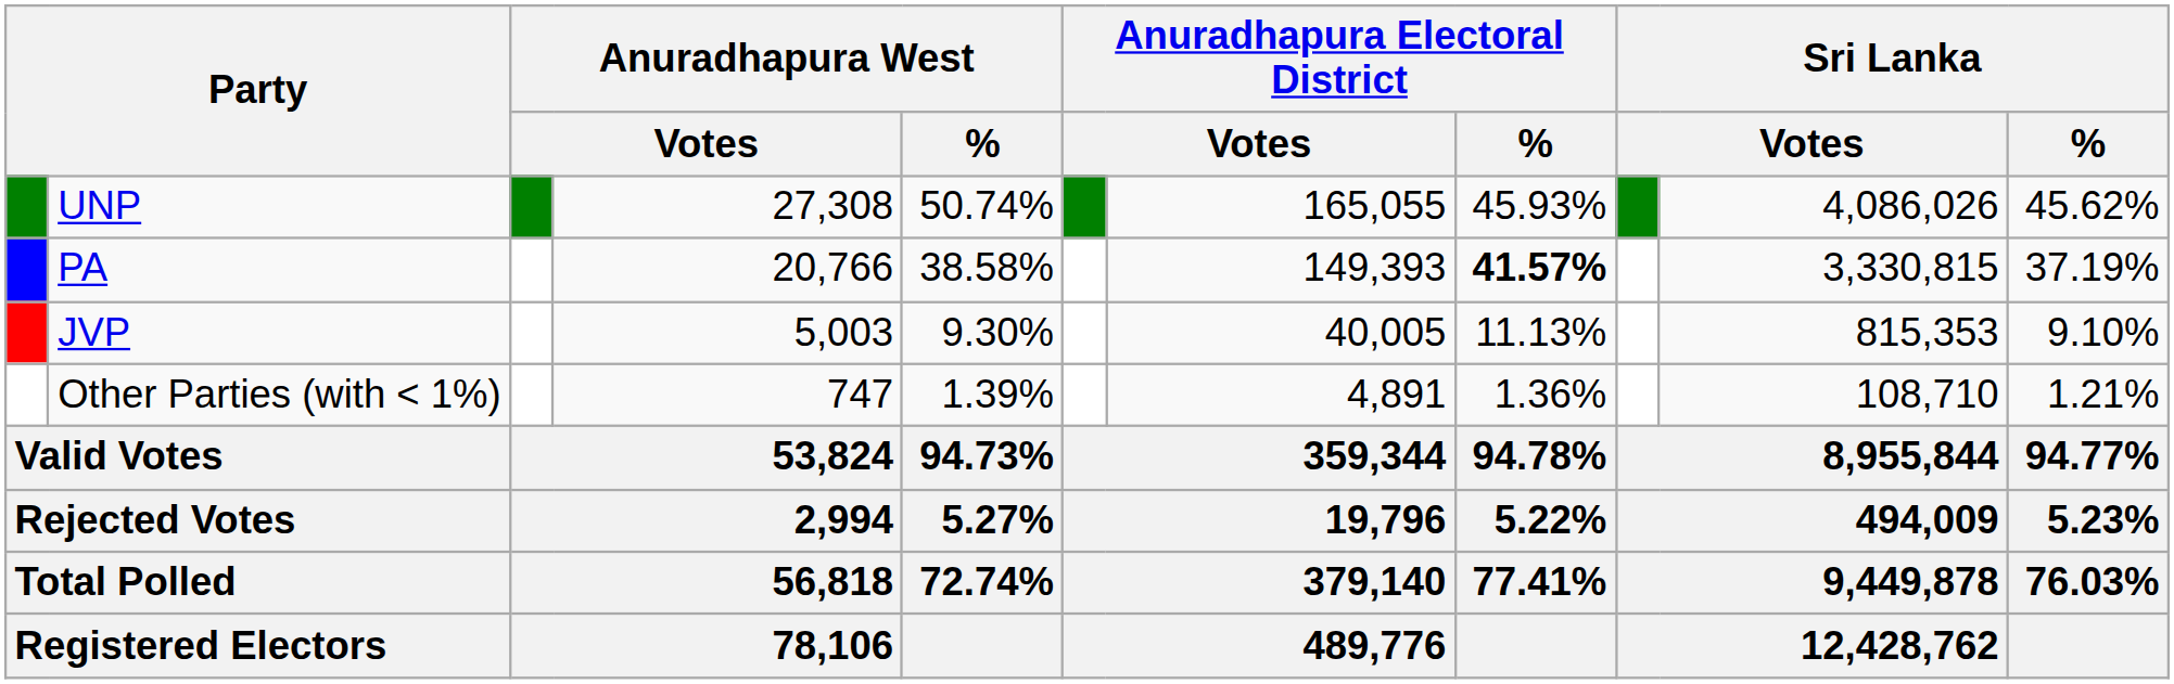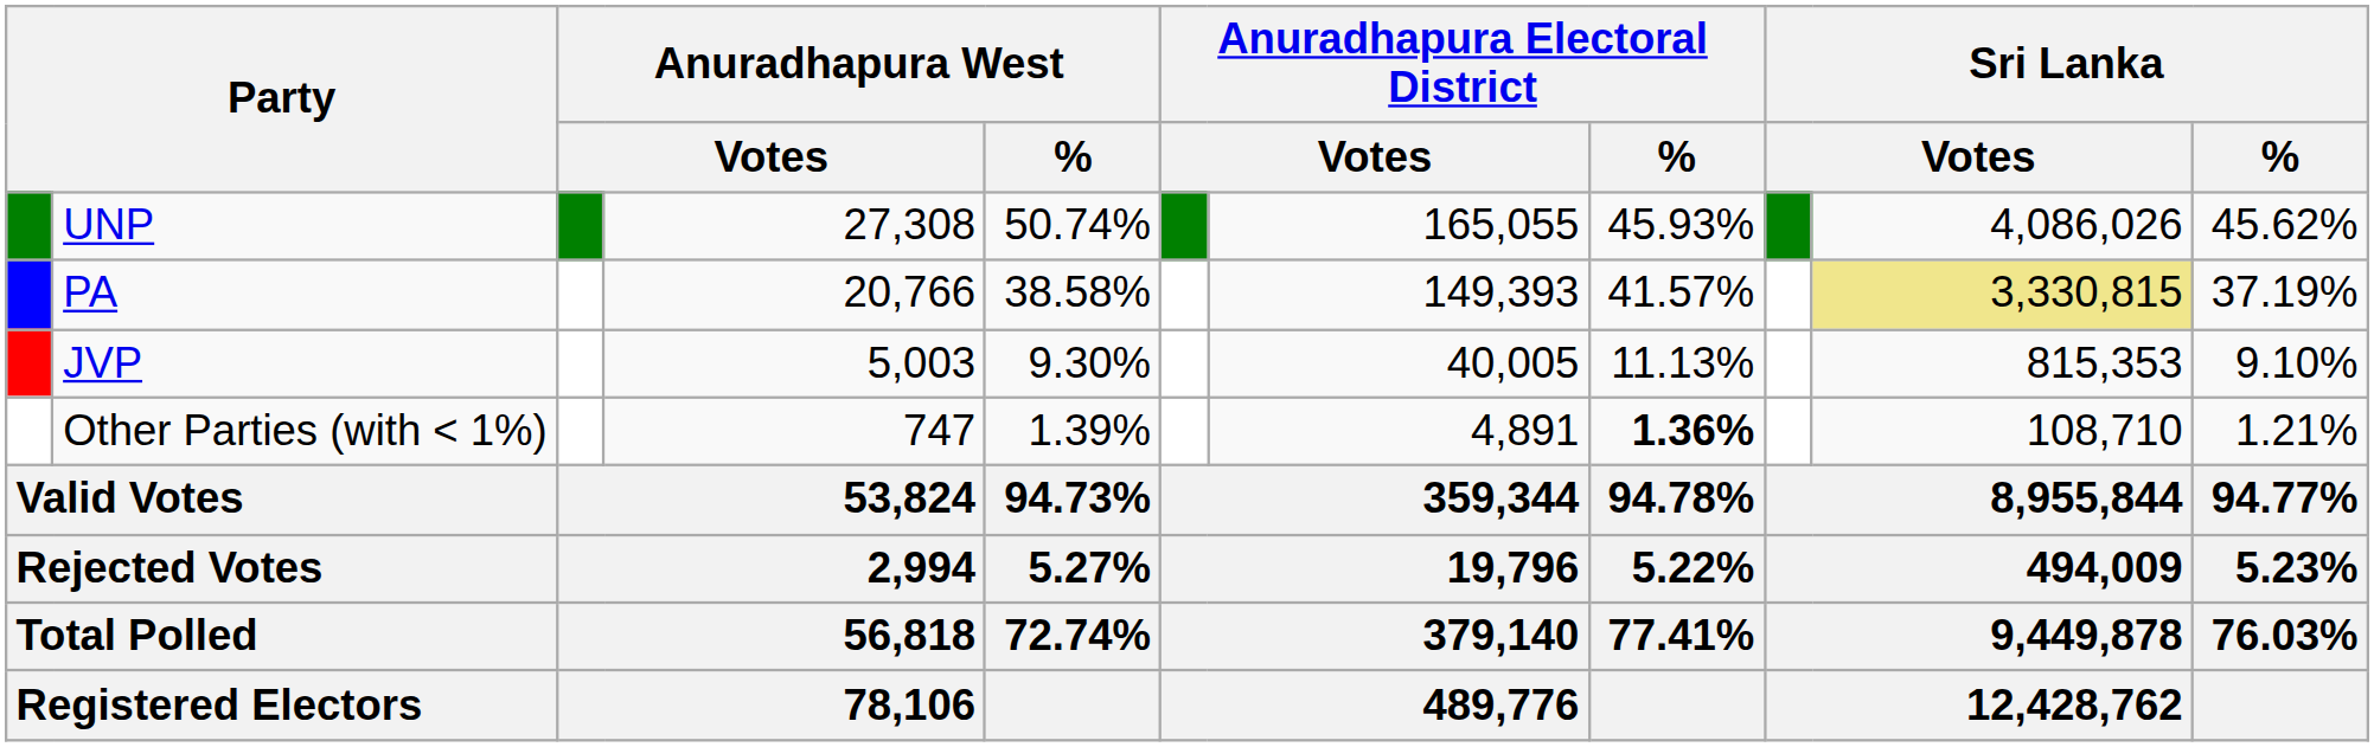 <table class="wikitable">
 <tr>
 <th colspan="2" width="144px"rowspan="2">Party</th>
 <th colspan="3" width="216px">Anuradhapura West</th>
 <th colspan="3" width="216px"><a href='#'>Anuradhapura Electoral District</a></th>
 <th colspan="3" width="216px">Sri Lanka</th>
 </tr>
 <tr>
 <th colspan="2" width="144px">Votes</th>
 <th>%</th>
 <th colspan="2" width="144px">Votes</th>
 <th>%</th>
 <th colspan="2" width="144px">Votes</th>
 <th>%</th>
 </tr>
 <tr>
 <td style="background-color:green;" width="10px"></td>
 <td style="text-align:left;"><a href='#'>UNP</a></td>
 <td style="background-color:green;" width="10px"></td>
 <td style="text-align:right;">27,308</td>
 <td style="text-align:right;">50.74%</td>
 <td style="background-color:green;" width="10px"></td>
 <td style="text-align:right;">165,055</td>
 <td style="text-align:right;">45.93%</td>
 <td style="background-color:green;" width="10px"></td>
 <td style="text-align:right;">4,086,026</td>
 <td style="text-align:right;">45.62%</td>
 </tr>
 <tr>
 <td style="background-color:blue;" width="10px"></td>
 <td style="text-align:left;"><a href='#'>PA</a></td>
 <td style="background-color:white;" width="10px"></td>
 <td style="text-align:right;">20,766</td>
 <td style="text-align:right;">38.58%</td>
 <td style="background-color:white;" width="10px"></td>
 <td style="text-align:right;">149,393</td>
-<td style="text-align:right;"><strong>41.57%</strong></td>
+<td style="text-align:right;">41.57%</td>
 <td style="background-color:white;" width="10px"></td>
-<td style="text-align:right;">3,330,815</td>
+<td style="background: khaki; text-align:right;">3,330,815</td>
 <td style="text-align:right;">37.19%</td>
 </tr>
 <tr>
 <td style="background-color:red;" width="10px"></td>
 <td style="text-align:left;"><a href='#'>JVP</a></td>
 <td style="background-color:white;" width="10px"></td>
 <td style="text-align:right;">5,003</td>
 <td style="text-align:right;">9.30%</td>
 <td style="background-color:white;" width="10px"></td>
 <td style="text-align:right;">40,005</td>
 <td style="text-align:right;">11.13%</td>
 <td style="background-color:white;" width="10px"></td>
 <td style="text-align:right;">815,353</td>
 <td style="text-align:right;">9.10%</td>
 </tr>
 <tr>
 <td style="background-color:white;" width="10px"></td>
 <td style="text-align:left;">Other Parties (with < 1%)</td>
 <td style="background-color:white;" width="10px"></td>
 <td style="text-align:right;">747</td>
 <td style="text-align:right;">1.39%</td>
 <td style="background-color:white;" width="10px"></td>
 <td style="text-align:right;">4,891</td>
-<td style="text-align:right;">1.36%</td>
+<td style="text-align:right;"><strong>1.36%</strong></td>
 <td style="background-color:white;" width="10px"></td>
 <td style="text-align:right;">108,710</td>
 <td style="text-align:right;">1.21%</td>
 </tr>
 <tr>
 <th colspan="2" width="144px"style="text-align:left;">Valid Votes</th>
 <th style="text-align:right;"colspan="2" width="144px">53,824</th>
 <th style="text-align:right;">94.73%</th>
 <th style="text-align:right;"colspan="2" width="144px">359,344</th>
 <th style="text-align:right;">94.78%</th>
 <th style="text-align:right;"colspan="2" width="144px">8,955,844</th>
 <th style="text-align:right;">94.77%</th>
 </tr>
 <tr>
 <th colspan="2" width="144px"style="text-align:left;">Rejected Votes</th>
 <th style="text-align:right;"colspan="2" width="144px">2,994</th>
 <th style="text-align:right;">5.27%</th>
 <th style="text-align:right;"colspan="2" width="144px">19,796</th>
 <th style="text-align:right;">5.22%</th>
 <th style="text-align:right;"colspan="2" width="144px">494,009</th>
 <th style="text-align:right;">5.23%</th>
 </tr>
 <tr>
 <th colspan="2" width="144px"style="text-align:left;">Total Polled</th>
 <th style="text-align:right;"colspan="2" width="144px">56,818</th>
 <th style="text-align:right;">72.74%</th>
 <th style="text-align:right;"colspan="2" width="144px">379,140</th>
 <th style="text-align:right;">77.41%</th>
 <th style="text-align:right;"colspan="2" width="144px">9,449,878</th>
 <th style="text-align:right;">76.03%</th>
 </tr>
 <tr>
 <th colspan="2" width="144px"style="text-align:left;">Registered Electors</th>
 <th style="text-align:right;"colspan="2" width="144px">78,106</th>
 <th></th>
 <th style="text-align:right;"colspan="2" width="144px">489,776</th>
 <th></th>
 <th style="text-align:right;"colspan="2" width="144px">12,428,762</th>
 <th></th>
 </tr>
 </table>
